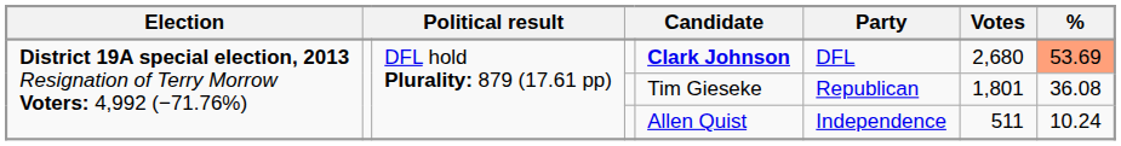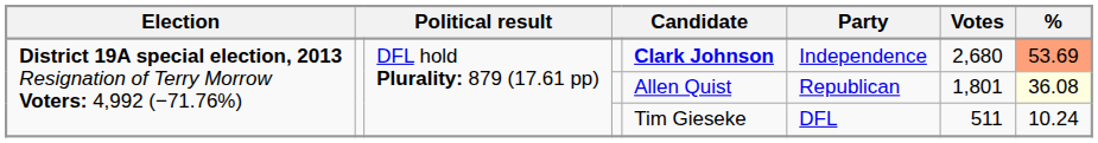 <table class="wikitable">
 <tr style="border: 2px solid #999999">
 <th>Election</th>
 <th align="center" colspan="2">Political result</th>
 <th align="center" colspan="2">Candidate</th>
 <th align="center">Party</th>
 <th align="center">Votes</th>
 <th align="center">%</th>
 </tr>
 <tr style="border-left: 2px solid #999999; border-right: 2px solid #999999">
 <td rowspan="3" valign="top" style="padding:0.2em 0.6em 0.2em 0.6em"><strong>District 19A special election, 2013</strong><br><span><em>Resignation of Terry Morrow</em> <br><strong>Voters:</strong> 4,992 (−71.76%)</span></td>
 <td rowspan="3" style="background-color:"></td>
 <td rowspan="3" valign="top" style="padding:0.2em 0.6em 0.2em 0.6em"><a href='#'>DFL</a> hold<br><span><strong>Plurality:</strong> 879 (17.61 pp)</span></td>
 <td style="background-color:"></td>
 <td style="padding:0.2em 0.6em 0.2em 0.6em"><strong><a href='#'>Clark Johnson</a></strong></td>
-<td style="padding:0.2em 0.6em 0.2em 0.6em"><a href='#'>DFL</a></td>
+<td style="padding:0.2em 0.6em 0.2em 0.6em"><a href='#'>Independence</a></td>
 <td style="padding:0.2em 0.6em 0.2em 0.6em" align="right">2,680</td>
 <td style="background: lightsalmon; padding:0.2em 0.6em 0.2em 0.6em" align="right">53.69</td>
 </tr>
 <tr style="border-left: 2px solid #999999; border-right: 2px solid #999999">
 <td style="background-color:"></td>
-<td style="padding:0.2em 0.6em 0.2em 0.6em">Tim Gieseke</td>
+<td style="padding:0.2em 0.6em 0.2em 0.6em"><a href='#'>Allen Quist</a></td>
 <td style="padding:0.2em 0.6em 0.2em 0.6em"><a href='#'>Republican</a></td>
 <td style="padding:0.2em 0.6em 0.2em 0.6em" align="right">1,801</td>
-<td style="padding:0.2em 0.6em 0.2em 0.6em" align="right">36.08</td>
+<td style="background: lightyellow; padding:0.2em 0.6em 0.2em 0.6em" align="right">36.08</td>
 </tr>
 <tr style="border-left: 2px solid #999999; border-right: 2px solid #999999; border-bottom: 2px solid #999999">
 <td style="background-color:"></td>
-<td style="padding:0.2em 0.6em 0.2em 0.6em"><a href='#'>Allen Quist</a></td>
-<td style="padding:0.2em 0.6em 0.2em 0.6em"><a href='#'>Independence</a></td>
+<td style="padding:0.2em 0.6em 0.2em 0.6em">Tim Gieseke</td>
+<td style="padding:0.2em 0.6em 0.2em 0.6em"><a href='#'>DFL</a></td>
 <td style="padding:0.2em 0.6em 0.2em 0.6em" align="right">511</td>
 <td style="padding:0.2em 0.6em 0.2em 0.6em" align="right">10.24</td>
 </tr>
 </table>
